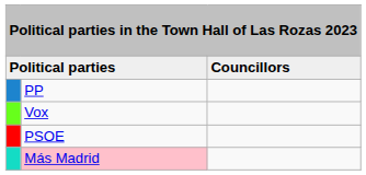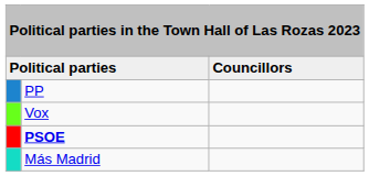 <table class="wikitable" style="margin-left: auto; margin-right: auto; border: none;">
 <tr ---->
 <td colspan="5" bgcolor="#C0C0C0"><p><strong>Political parties in the Town Hall of Las Rozas 2023</strong></p></td>
 </tr>
 <tr ---->
 <td bgcolor="#EFEFEF" colspan=2><strong>Political parties</strong></td>
 <td bgcolor="#EFEFEF"><strong>Councillors</strong></td>
 </tr>
 <tr ---->
 <td style="color:inherit;background:#1D84CE"></td>
 <td><a href='#'>PP</a> </td>
 <td></td>
 </tr>
 <tr ---->
 <td style="color:inherit;background:#67FF1B"></td>
 <td><a href='#'>Vox</a> </td>
 <td></td>
 </tr>
 <tr ---->
 <td style="color:inherit;background:#FF0000"></td>
-<td><a href='#'>PSOE</a> </td>
+<td><strong><a href='#'>PSOE</a> </strong></td>
 <td></td>
 </tr>
 <tr ---->
 <td style="color:inherit;background:#14DCC5"></td>
-<td style="background: pink;"><a href='#'>Más Madrid</a> </td>
+<td><a href='#'>Más Madrid</a> </td>
 <td></td>
 </tr>
 </table>
